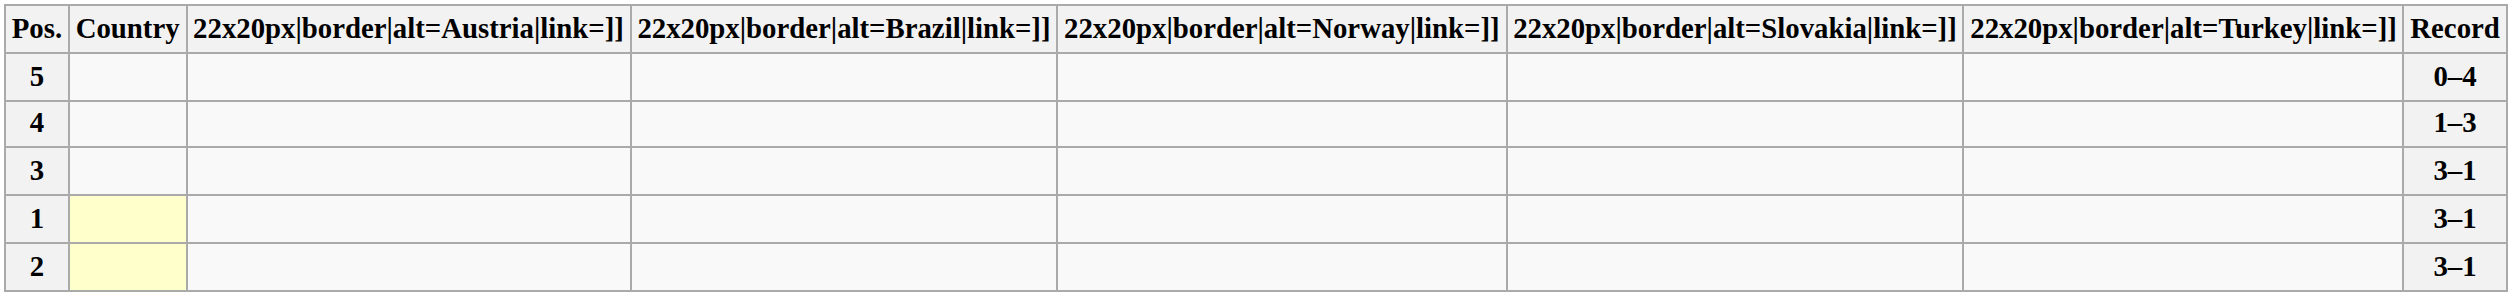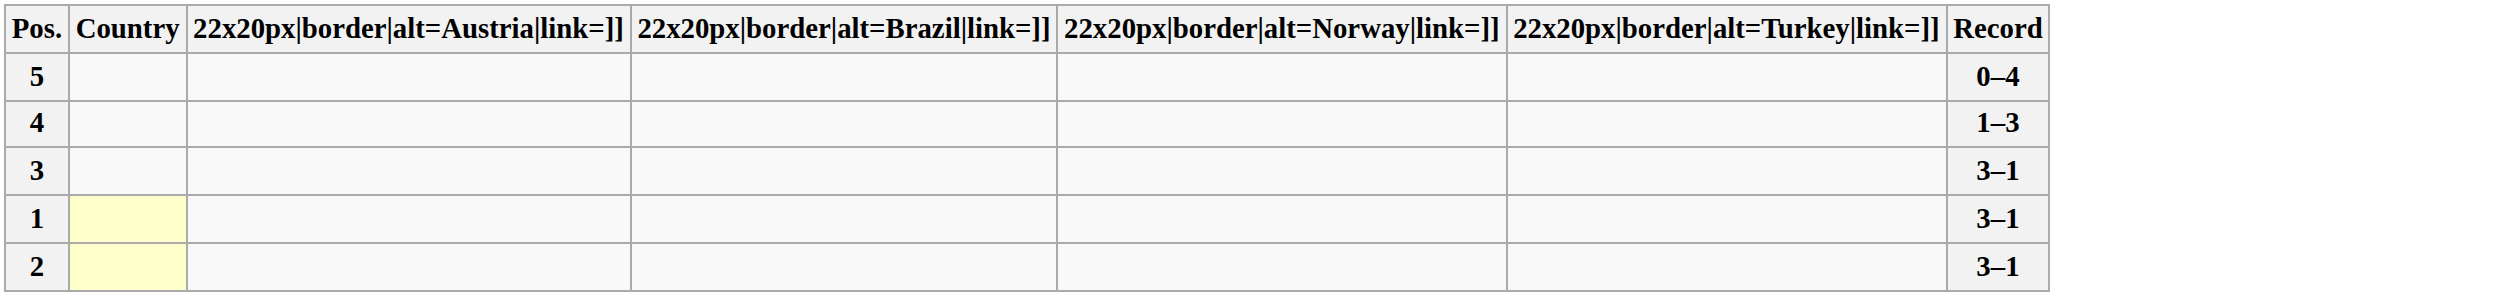 <table class="wikitable sortable nowrap" style="text-align:center; font-size:0.9em">
 <tr>
 <th>Pos.</th>
 <th>Country</th>
 <th [[Image:>22x20px|border|alt=Austria|link=]]</th>
 <th [[Image:>22x20px|border|alt=Brazil|link=]]</th>
 <th [[Image:>22x20px|border|alt=Norway|link=]]</th>
-<th [[Image:>22x20px|border|alt=Slovakia|link=]]</th>
 <th [[Image:>22x20px|border|alt=Turkey|link=]]</th>
 <th>Record</th>
 </tr>
 <tr>
 <th>5</th>
 <td style="text-align:left;"></td>
-<td> </td>
 <td> </td>
 <td> </td>
 <td> </td>
 <td> </td>
 <th>0–4</th>
 </tr>
 <tr>
 <th>4</th>
 <td style="text-align:left;"></td>
 <td> </td>
 <td> </td>
 <td> </td>
 <td> </td>
-<td> </td>
 <th>1–3</th>
 </tr>
 <tr>
 <th>3</th>
 <td style="text-align:left;"></td>
-<td> </td>
 <td> </td>
 <td> </td>
 <td> </td>
 <td> </td>
 <th>3–1</th>
 </tr>
 <tr>
 <th>1</th>
 <td style="text-align:left; background:#ffffcc;"></td>
 <td> </td>
 <td> </td>
 <td> </td>
 <td> </td>
-<td> </td>
 <th>3–1</th>
 </tr>
 <tr>
 <th>2</th>
 <td style="text-align:left; background:#ffffcc;"></td>
 <td> </td>
 <td> </td>
 <td> </td>
 <td> </td>
-<td> </td>
 <th>3–1</th>
 </tr>
 </table>
